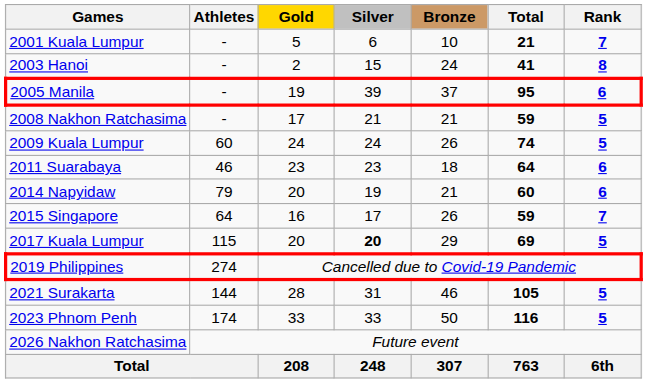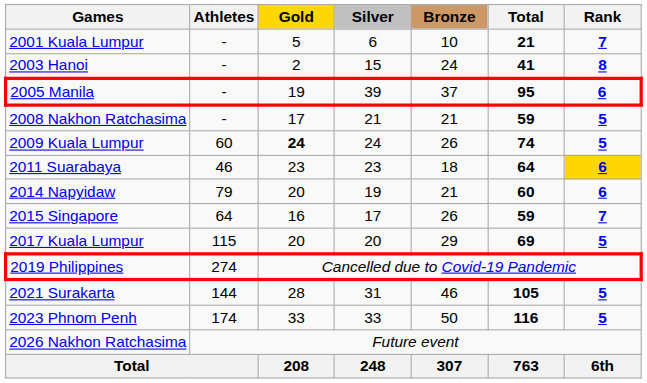 <table class="wikitable" style="text-align:center; font-size:90%;">
 <tr>
 <th>Games</th>
 <th>Athletes</th>
 <td style="background:gold; width:4.5em; font-weight:bold;">Gold</td>
 <td style="background:silver; width:4.5em; font-weight:bold;">Silver</td>
 <td style="background:#cc9966; width:4.5em; font-weight:bold;">Bronze</td>
 <th style="width:4.5em; font-weight:bold;">Total</th>
 <th style="width:4.5em; font-weight:bold;">Rank</th>
 </tr>
 <tr>
 <td align=left> <a href='#'>2001 Kuala Lumpur</a></td>
 <td>-</td>
 <td>5</td>
 <td>6</td>
 <td>10</td>
 <td><strong>21</strong></td>
 <td><a href='#'><strong>7</strong></a></td>
 </tr>
 <tr>
 <td align=left> <a href='#'>2003 Hanoi</a></td>
 <td>-</td>
 <td>2</td>
 <td>15</td>
 <td>24</td>
 <td><strong>41</strong></td>
 <td><a href='#'><strong>8</strong></a></td>
 </tr>
 <tr style="border: 3px solid red"]>
 <td align=left> <a href='#'>2005 Manila</a></td>
 <td>-</td>
 <td>19</td>
 <td>39</td>
 <td>37</td>
 <td><strong>95</strong></td>
 <td><a href='#'><strong>6</strong></a></td>
 </tr>
 <tr>
 <td align=left> <a href='#'>2008 Nakhon Ratchasima</a></td>
 <td>-</td>
 <td>17</td>
 <td>21</td>
 <td>21</td>
 <td><strong>59</strong></td>
 <td><a href='#'><strong>5</strong></a></td>
 </tr>
 <tr>
 <td align=left> <a href='#'>2009 Kuala Lumpur</a></td>
 <td>60</td>
-<td>24</td>
+<td><strong>24</strong></td>
 <td>24</td>
 <td>26</td>
 <td><strong>74</strong></td>
 <td><a href='#'><strong>5</strong></a></td>
 </tr>
 <tr>
 <td align=left> <a href='#'>2011 Suarabaya</a></td>
 <td>46</td>
 <td>23</td>
 <td>23</td>
 <td>18</td>
 <td><strong>64</strong></td>
-<td><a href='#'><strong>6</strong></a></td>
+<td style="background: gold;"><a href='#'><strong>6</strong></a></td>
 </tr>
 <tr>
 <td align=left> <a href='#'>2014 Napyidaw</a></td>
 <td>79</td>
 <td>20</td>
 <td>19</td>
 <td>21</td>
 <td><strong>60</strong></td>
 <td><a href='#'><strong>6</strong></a></td>
 </tr>
 <tr>
 <td align=left> <a href='#'>2015 Singapore</a></td>
 <td>64</td>
 <td>16</td>
 <td>17</td>
 <td>26</td>
 <td><strong>59</strong></td>
 <td><a href='#'><strong>7</strong></a></td>
 </tr>
 <tr>
 <td align=left> <a href='#'>2017 Kuala Lumpur</a></td>
 <td>115</td>
 <td>20</td>
-<td><strong>20</strong></td>
+<td>20</td>
 <td>29</td>
 <td><strong>69</strong></td>
 <td><a href='#'><strong>5</strong></a></td>
 </tr>
 <tr style="border: 3px solid red">
 <td align=left> <a href='#'>2019 Philippines</a></td>
 <td>274</td>
 <td colspan=5><em>Cancelled due to <a href='#'>Covid-19 Pandemic</a></em></td>
 </tr>
 <tr>
 <td align=left> <a href='#'>2021 Surakarta</a></td>
 <td>144</td>
 <td>28</td>
 <td>31</td>
 <td>46</td>
 <td><strong>105</strong></td>
 <td><a href='#'><strong>5</strong></a></td>
 </tr>
 <tr>
 <td align=left> <a href='#'>2023 Phnom Penh</a></td>
 <td>174</td>
 <td>33</td>
 <td>33</td>
 <td>50</td>
 <td><strong>116</strong></td>
 <td><a href='#'><strong>5</strong></a></td>
 </tr>
 <tr>
 <td align=left> <a href='#'>2026 Nakhon Ratchasima</a></td>
 <td colspan=6><em>Future event</em></td>
 </tr>
 <tr>
 <th colspan=2>Total</th>
 <th><strong>208</strong></th>
 <th><strong>248</strong></th>
 <th><strong>307</strong></th>
 <th><strong>763</strong></th>
 <th><strong> 6th</strong></th>
 </tr>
 </table>
